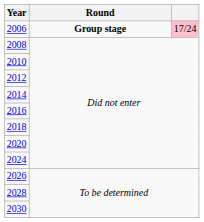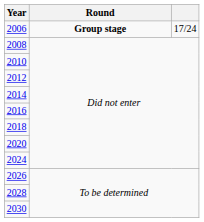 <table class="wikitable" style="text-align: center; font-size:90%">
 <tr>
 <th>Year</th>
 <th style="width:200px">Round</th>
 <th></th>
 </tr>
 <tr>
 <td><a href='#'>2006</a></td>
 <td><strong>Group stage</strong></td>
-<td style="background: pink;">17/24</td>
+<td>17/24</td>
 </tr>
 <tr>
 <td><a href='#'>2008</a></td>
 <td colspan="2" rowspan="8"><em>Did not enter</em></td>
 </tr>
 <tr>
 <td><a href='#'>2010</a></td>
 </tr>
 <tr>
 <td><a href='#'>2012</a></td>
 </tr>
 <tr>
 <td><a href='#'>2014</a></td>
 </tr>
 <tr>
 <td><a href='#'>2016</a></td>
 </tr>
 <tr>
 <td><a href='#'>2018</a></td>
 </tr>
 <tr>
 <td><a href='#'>2020</a></td>
 </tr>
 <tr>
 <td><a href='#'>2024</a></td>
 </tr>
 <tr>
 <td><a href='#'>2026</a></td>
 <td colspan="2" rowspan="3"><em>To be determined</em></td>
 </tr>
 <tr>
 <td><a href='#'>2028</a></td>
 </tr>
 <tr>
 <td><a href='#'>2030</a></td>
 </tr>
 </table>
